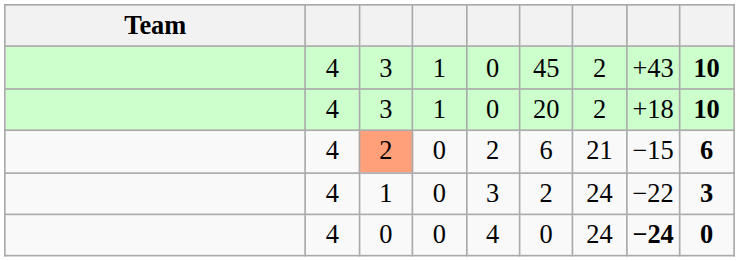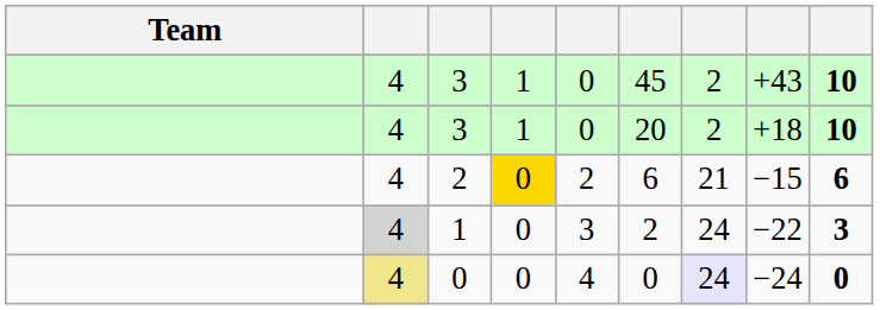 <table class="wikitable" style="text-align: center;">
 <tr>
 <th width=175>Team</th>
 <th width=25></th>
 <th width=25></th>
 <th width=25></th>
 <th width=25></th>
 <th width=25></th>
 <th width=25></th>
 <th width=25></th>
 <th width=25></th>
 </tr>
 <tr bgcolor=ccffcc>
 <td align=left></td>
 <td>4</td>
 <td>3</td>
 <td>1</td>
 <td>0</td>
 <td>45</td>
 <td>2</td>
 <td>+43</td>
 <td><strong>10</strong></td>
 </tr>
 <tr bgcolor=ccffcc>
 <td align=left></td>
 <td>4</td>
 <td>3</td>
 <td>1</td>
 <td>0</td>
 <td>20</td>
 <td>2</td>
 <td>+18</td>
 <td><strong>10</strong></td>
 </tr>
 <tr>
 <td align=left></td>
 <td>4</td>
-<td style="background: lightsalmon;">2</td>
-<td>0</td>
+<td>2</td>
+<td style="background: gold;">0</td>
 <td>2</td>
 <td>6</td>
 <td>21</td>
 <td>−15</td>
 <td><strong>6</strong></td>
 </tr>
 <tr>
 <td align=left></td>
-<td>4</td>
+<td style="background: lightgrey;">4</td>
 <td>1</td>
 <td>0</td>
 <td>3</td>
 <td>2</td>
 <td>24</td>
 <td>−22</td>
 <td><strong>3</strong></td>
 </tr>
 <tr>
 <td align=left></td>
-<td>4</td>
+<td style="background: khaki;">4</td>
 <td>0</td>
 <td>0</td>
 <td>4</td>
 <td>0</td>
-<td>24</td>
-<td><strong>−24</strong></td>
+<td style="background: lavender;">24</td>
+<td>−24</td>
 <td><strong>0</strong></td>
 </tr>
 </table>
